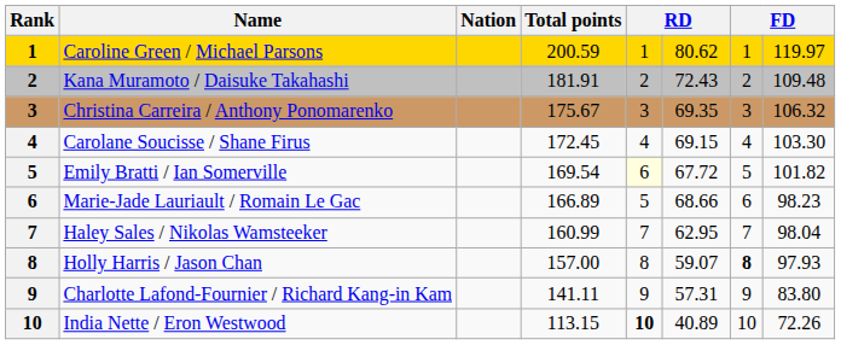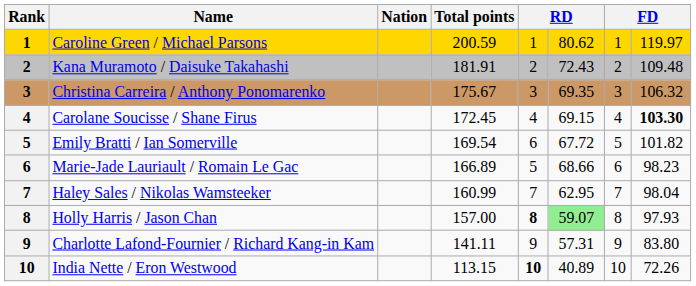 <table class="wikitable sortable">
 <tr>
 <th>Rank</th>
 <th>Name</th>
 <th>Nation</th>
 <th>Total points</th>
 <th colspan="2" width="80px"><a href='#'>RD</a></th>
 <th colspan="2" width="80px"><a href='#'>FD</a></th>
 </tr>
 <tr bgcolor="gold">
 <td align="center"><strong>1</strong></td>
 <td><a href='#'>Caroline Green</a> / <a href='#'>Michael Parsons</a></td>
 <td></td>
 <td align="center">200.59</td>
 <td align="center">1</td>
 <td align="center">80.62</td>
 <td align="center">1</td>
 <td align="center">119.97</td>
 </tr>
 <tr bgcolor="silver">
 <td align="center"><strong>2</strong></td>
 <td><a href='#'>Kana Muramoto</a> / <a href='#'>Daisuke Takahashi</a></td>
 <td></td>
 <td align="center">181.91</td>
 <td align="center">2</td>
 <td align="center">72.43</td>
 <td align="center">2</td>
 <td align="center">109.48</td>
 </tr>
 <tr bgcolor="cc9966">
 <td align="center"><strong>3</strong></td>
 <td><a href='#'>Christina Carreira</a> / <a href='#'>Anthony Ponomarenko</a></td>
 <td></td>
 <td align="center">175.67</td>
 <td align="center">3</td>
 <td align="center">69.35</td>
 <td align="center">3</td>
 <td align="center">106.32</td>
 </tr>
 <tr>
 <th>4</th>
 <td><a href='#'>Carolane Soucisse</a> / <a href='#'>Shane Firus</a></td>
 <td></td>
 <td align="center">172.45</td>
 <td align="center">4</td>
 <td align="center">69.15</td>
 <td align="center">4</td>
-<td align="center">103.30</td>
+<td align="center"><strong>103.30</strong></td>
 </tr>
 <tr>
 <th>5</th>
 <td><a href='#'>Emily Bratti</a> / <a href='#'>Ian Somerville</a></td>
 <td></td>
 <td align="center">169.54</td>
-<td align="center" style="background: lightyellow;">6</td>
+<td align="center">6</td>
 <td align="center">67.72</td>
 <td align="center">5</td>
 <td align="center">101.82</td>
 </tr>
 <tr>
 <th>6</th>
 <td><a href='#'>Marie-Jade Lauriault</a> / <a href='#'>Romain Le Gac</a></td>
 <td></td>
 <td align="center">166.89</td>
 <td align="center">5</td>
 <td align="center">68.66</td>
 <td align="center">6</td>
 <td align="center">98.23</td>
 </tr>
 <tr>
 <th>7</th>
 <td><a href='#'>Haley Sales</a> / <a href='#'>Nikolas Wamsteeker</a></td>
 <td></td>
 <td align="center">160.99</td>
 <td align="center">7</td>
 <td align="center">62.95</td>
 <td align="center">7</td>
 <td align="center">98.04</td>
 </tr>
 <tr>
 <th>8</th>
 <td><a href='#'>Holly Harris</a> / <a href='#'>Jason Chan</a></td>
 <td></td>
 <td align="center">157.00</td>
+<td align="center"><strong>8</strong></td>
+<td align="center" style="background: lightgreen;">59.07</td>
 <td align="center">8</td>
-<td align="center">59.07</td>
-<td align="center"><strong>8</strong></td>
 <td align="center">97.93</td>
 </tr>
 <tr>
 <th>9</th>
 <td><a href='#'>Charlotte Lafond-Fournier</a> / <a href='#'>Richard Kang-in Kam</a></td>
 <td></td>
 <td align="center">141.11</td>
 <td align="center">9</td>
 <td align="center">57.31</td>
 <td align="center">9</td>
 <td align="center">83.80</td>
 </tr>
 <tr>
 <th>10</th>
 <td><a href='#'>India Nette</a> / <a href='#'>Eron Westwood</a></td>
 <td></td>
 <td align="center">113.15</td>
 <td align="center"><strong>10</strong></td>
 <td align="center">40.89</td>
 <td align="center">10</td>
 <td align="center">72.26</td>
 </tr>
 </table>
